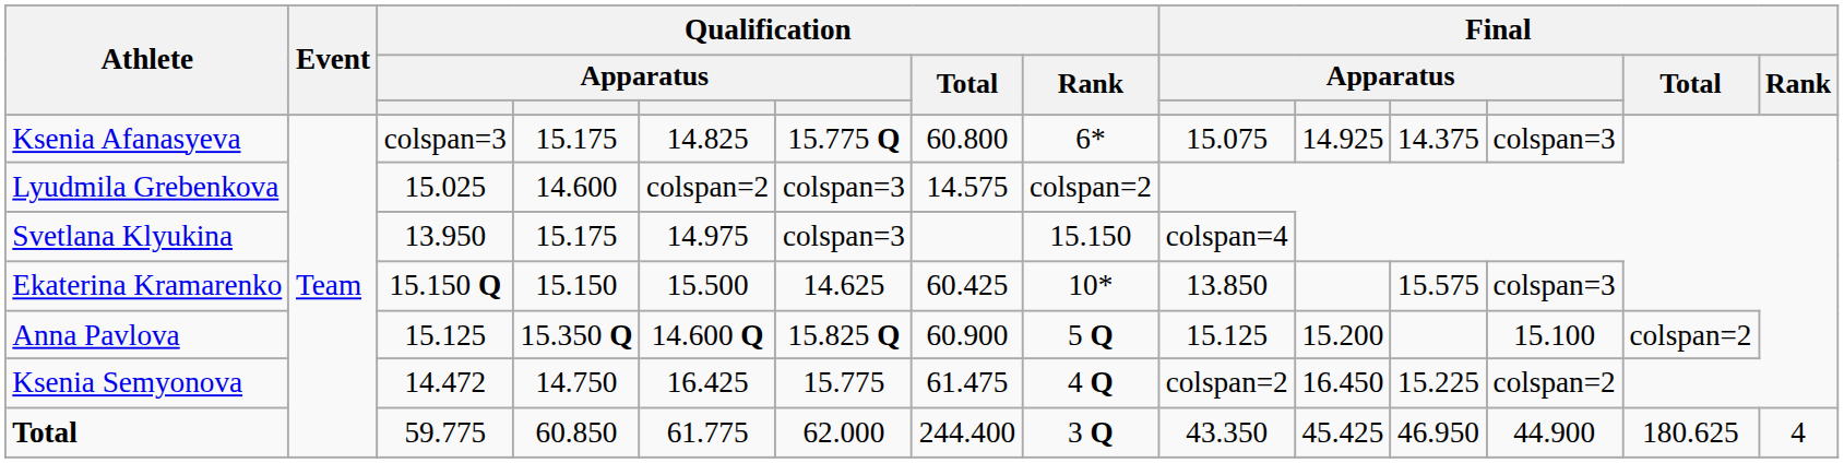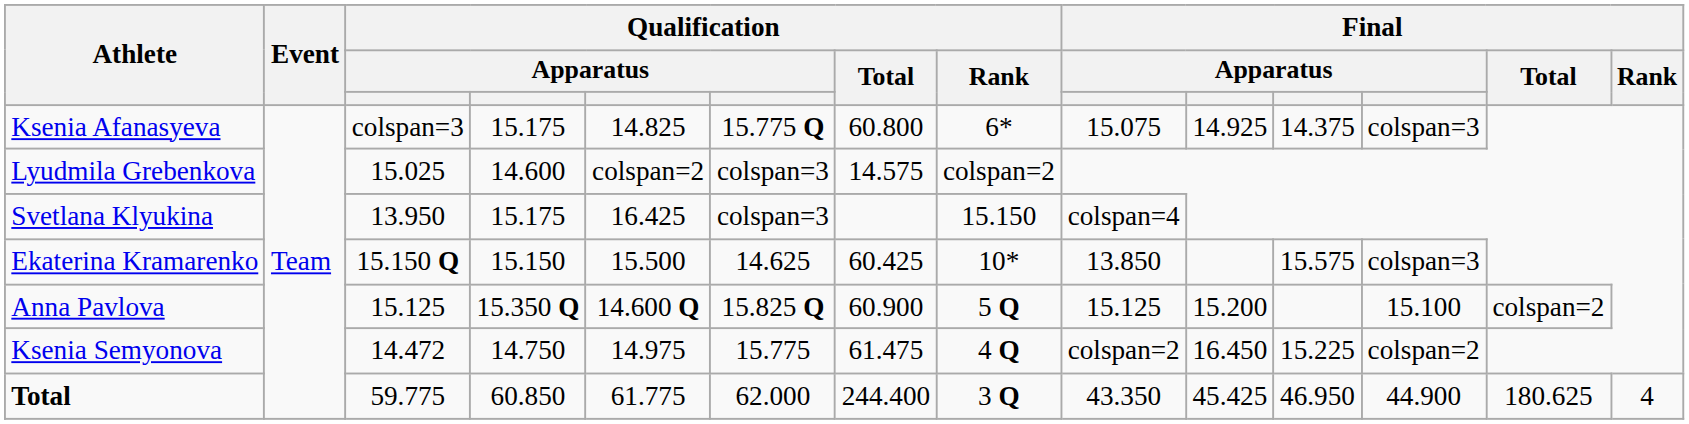 <table class="wikitable" style="font-size:90%">
 <tr>
 <th rowspan="3">Athlete</th>
 <th rowspan="3">Event</th>
 <th colspan=6>Qualification</th>
 <th colspan=6>Final</th>
 </tr>
 <tr style="font-size:95%">
 <th colspan=4>Apparatus</th>
 <th rowspan=2>Total</th>
 <th rowspan=2>Rank</th>
 <th colspan=4>Apparatus</th>
 <th rowspan=2>Total</th>
 <th rowspan=2>Rank</th>
 </tr>
 <tr style="font-size:95%">
 <th></th>
 <th></th>
 <th></th>
 <th></th>
 <th></th>
 <th></th>
 <th></th>
 <th></th>
 </tr>
 <tr align=center>
 <td align=left><a href='#'>Ksenia Afanasyeva</a></td>
 <td rowspan=7 align=left><a href='#'>Team</a></td>
 <td>colspan=3 </td>
 <td>15.175</td>
 <td>14.825</td>
 <td>15.775 <strong>Q</strong></td>
 <td>60.800</td>
 <td>6*</td>
 <td>15.075</td>
 <td>14.925</td>
 <td>14.375</td>
 <td>colspan=3 </td>
 </tr>
 <tr align=center>
 <td align=left><a href='#'>Lyudmila Grebenkova</a></td>
 <td>15.025</td>
 <td>14.600</td>
 <td>colspan=2 </td>
 <td>colspan=3 </td>
 <td>14.575</td>
 <td>colspan=2 </td>
 </tr>
 <tr align=center>
 <td align=left><a href='#'>Svetlana Klyukina</a></td>
 <td>13.950</td>
 <td>15.175</td>
-<td>14.975</td>
+<td>16.425</td>
 <td>colspan=3 </td>
 <td></td>
 <td>15.150</td>
 <td>colspan=4 </td>
 </tr>
 <tr align=center>
 <td align=left><a href='#'>Ekaterina Kramarenko</a></td>
 <td>15.150 <strong>Q</strong></td>
 <td>15.150</td>
 <td>15.500</td>
 <td>14.625</td>
 <td>60.425</td>
 <td>10*</td>
 <td>13.850</td>
 <td></td>
 <td>15.575</td>
 <td>colspan=3 </td>
 </tr>
 <tr align=center>
 <td align=left><a href='#'>Anna Pavlova</a></td>
 <td>15.125</td>
 <td>15.350 <strong>Q</strong></td>
 <td>14.600 <strong>Q</strong></td>
 <td>15.825 <strong>Q</strong></td>
 <td>60.900</td>
 <td>5 <strong>Q</strong></td>
 <td>15.125</td>
 <td>15.200</td>
 <td></td>
 <td>15.100</td>
 <td>colspan=2 </td>
 </tr>
 <tr align=center>
 <td align=left><a href='#'>Ksenia Semyonova</a></td>
 <td>14.472</td>
 <td>14.750</td>
-<td>16.425</td>
+<td>14.975</td>
 <td>15.775</td>
 <td>61.475</td>
 <td>4 <strong>Q</strong></td>
 <td>colspan=2 </td>
 <td>16.450</td>
 <td>15.225</td>
 <td>colspan=2 </td>
 </tr>
 <tr align=center>
 <td align=left><strong>Total</strong></td>
 <td>59.775</td>
 <td>60.850</td>
 <td>61.775</td>
 <td>62.000</td>
 <td>244.400</td>
 <td>3 <strong>Q</strong></td>
 <td>43.350</td>
 <td>45.425</td>
 <td>46.950</td>
 <td>44.900</td>
 <td>180.625</td>
 <td>4</td>
 </tr>
 </table>
